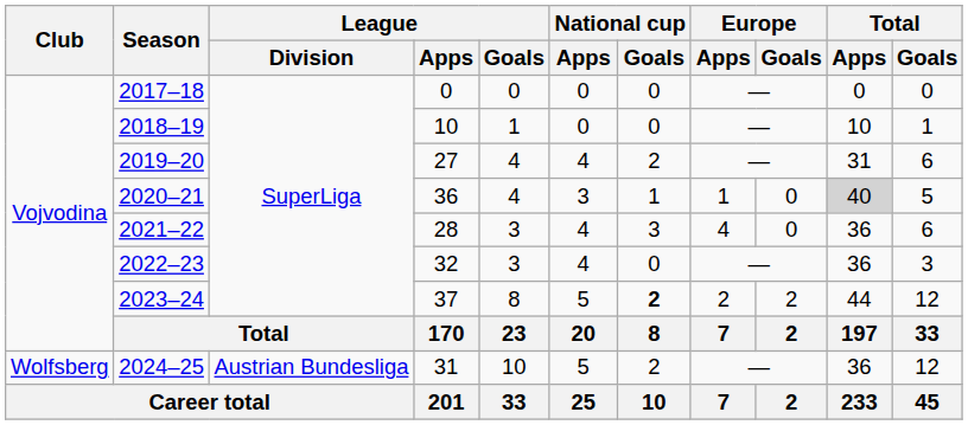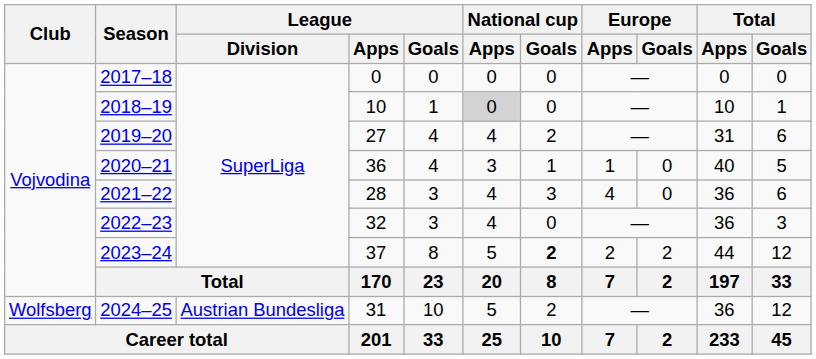 <table class="wikitable" style="text-align: center;font-size:90%">
 <tr>
 <th rowspan="2">Club</th>
 <th rowspan="2">Season</th>
 <th colspan="3">League</th>
 <th colspan="2">National cup</th>
 <th colspan="2">Europe</th>
 <th colspan="2">Total</th>
 </tr>
 <tr>
 <th>Division</th>
 <th>Apps</th>
 <th>Goals</th>
 <th>Apps</th>
 <th>Goals</th>
 <th>Apps</th>
 <th>Goals</th>
 <th>Apps</th>
 <th>Goals</th>
 </tr>
 <tr>
 <td rowspan="8"><a href='#'>Vojvodina</a></td>
 <td><a href='#'>2017–18</a></td>
 <td rowspan="7"><a href='#'>SuperLiga</a></td>
 <td>0</td>
 <td>0</td>
 <td>0</td>
 <td>0</td>
 <td colspan="2">—</td>
 <td>0</td>
 <td>0</td>
 </tr>
 <tr>
 <td><a href='#'>2018–19</a></td>
 <td>10</td>
 <td>1</td>
-<td>0</td>
+<td style="background: lightgrey;">0</td>
 <td>0</td>
 <td colspan="2">—</td>
 <td>10</td>
 <td>1</td>
 </tr>
 <tr>
 <td><a href='#'>2019–20</a></td>
 <td>27</td>
 <td>4</td>
 <td>4</td>
 <td>2</td>
 <td colspan="2">—</td>
 <td>31</td>
 <td>6</td>
 </tr>
 <tr>
 <td><a href='#'>2020–21</a></td>
 <td>36</td>
 <td>4</td>
 <td>3</td>
 <td>1</td>
 <td>1</td>
 <td>0</td>
-<td style="background: lightgrey;">40</td>
+<td>40</td>
 <td>5</td>
 </tr>
 <tr>
 <td><a href='#'>2021–22</a></td>
 <td>28</td>
 <td>3</td>
 <td>4</td>
 <td>3</td>
 <td>4</td>
 <td>0</td>
 <td>36</td>
 <td>6</td>
 </tr>
 <tr>
 <td><a href='#'>2022–23</a></td>
 <td>32</td>
 <td>3</td>
 <td>4</td>
 <td>0</td>
 <td colspan="2">—</td>
 <td>36</td>
 <td>3</td>
 </tr>
 <tr>
 <td><a href='#'>2023–24</a></td>
 <td>37</td>
 <td>8</td>
 <td>5</td>
 <td><strong>2</strong></td>
 <td>2</td>
 <td>2</td>
 <td>44</td>
 <td>12</td>
 </tr>
 <tr>
 <th colspan="2">Total</th>
 <th>170</th>
 <th>23</th>
 <th>20</th>
 <th>8</th>
 <th>7</th>
 <th>2</th>
 <th>197</th>
 <th>33</th>
 </tr>
 <tr>
 <td><a href='#'>Wolfsberg</a></td>
 <td><a href='#'>2024–25</a></td>
 <td><a href='#'>Austrian Bundesliga</a></td>
 <td>31</td>
 <td>10</td>
 <td>5</td>
 <td>2</td>
 <td colspan="2">—</td>
 <td>36</td>
 <td>12</td>
 </tr>
 <tr>
 <th colspan="3">Career total</th>
 <th>201</th>
 <th>33</th>
 <th>25</th>
 <th>10</th>
 <th>7</th>
 <th>2</th>
 <th>233</th>
 <th>45</th>
 </tr>
 </table>
